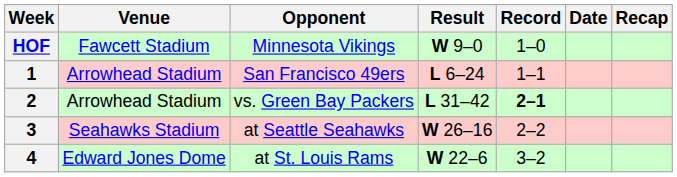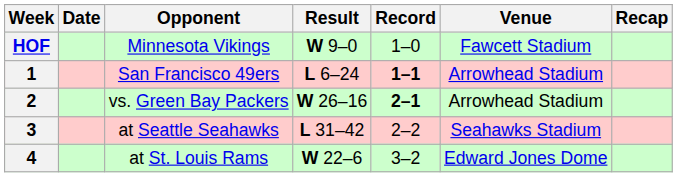 <table class="wikitable" style="text-align:center">
 <tr>
 <th>Week</th>
-<th>Venue</th>
+<th>Date</th>
 <th>Opponent</th>
 <th>Result</th>
 <th>Record</th>
-<th>Date</th>
+<th>Venue</th>
 <th>Recap</th>
 </tr>
 <tr style="background:#cfc">
 <th><a href='#'>HOF</a></th>
-<td><a href='#'>Fawcett Stadium</a> </td>
+<td></td>
 <td><a href='#'>Minnesota Vikings</a></td>
 <td><strong>W</strong> 9–0</td>
 <td>1–0</td>
-<td></td>
+<td><a href='#'>Fawcett Stadium</a> </td>
 <td></td>
 </tr>
 <tr style="background:#fcc">
 <th>1</th>
-<td><a href='#'>Arrowhead Stadium</a></td>
+<td></td>
 <td><a href='#'>San Francisco 49ers</a></td>
 <td><strong>L</strong> 6–24</td>
-<td>1–1</td>
-<td></td>
+<td><strong>1–1</strong></td>
+<td><a href='#'>Arrowhead Stadium</a></td>
 <td></td>
 </tr>
 <tr style="background:#cfc">
 <th>2</th>
+<td></td>
+<td>vs. <a href='#'>Green Bay Packers</a></td>
+<td><strong>W</strong> 26–16</td>
+<td><strong>2–1</strong></td>
 <td>Arrowhead Stadium</td>
-<td>vs. <a href='#'>Green Bay Packers</a></td>
-<td><strong>L</strong> 31–42</td>
-<td><strong>2–1</strong></td>
-<td></td>
 <td></td>
 </tr>
 <tr style="background:#fcc">
 <th>3</th>
+<td></td>
+<td>at <a href='#'>Seattle Seahawks</a></td>
+<td><strong>L</strong> 31–42</td>
+<td>2–2</td>
 <td><a href='#'>Seahawks Stadium</a></td>
-<td>at <a href='#'>Seattle Seahawks</a></td>
-<td><strong>W</strong> 26–16</td>
-<td>2–2</td>
-<td></td>
 <td></td>
 </tr>
 <tr style="background:#cfc">
 <th>4</th>
-<td><a href='#'>Edward Jones Dome</a></td>
+<td></td>
 <td>at <a href='#'>St. Louis Rams</a></td>
 <td><strong>W</strong> 22–6</td>
 <td>3–2</td>
-<td></td>
+<td><a href='#'>Edward Jones Dome</a></td>
 <td></td>
 </tr>
 </table>
